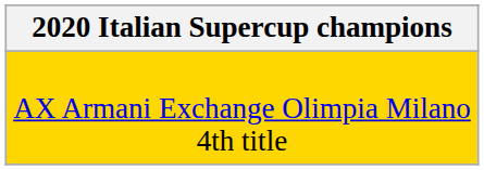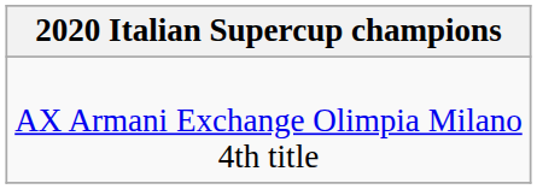 <table class=wikitable style="text-align:center; margin:auto">
 <tr>
 <th>2020 Italian Supercup champions</th>
 </tr>
 <tr>
-<td style="background: gold; text-align:center"> <br> <a href='#'>AX Armani Exchange Olimpia Milano</a> <br> 4th title</td>
+<td style="text-align:center"> <br> <a href='#'>AX Armani Exchange Olimpia Milano</a> <br> 4th title</td>
 </tr>
 </table>
